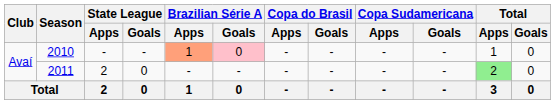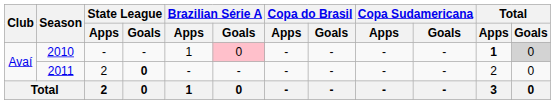 <table class="wikitable" style="text-align: center;">
 <tr>
 <th rowspan="2">Club</th>
 <th rowspan="2">Season</th>
 <th colspan="2">State League</th>
 <th colspan="2"><a href='#'>Brazilian Série A</a></th>
 <th colspan="2"><a href='#'>Copa do Brasil</a></th>
 <th colspan="2"><a href='#'>Copa Sudamericana</a></th>
 <th colspan="2">Total</th>
 </tr>
 <tr>
 <th>Apps</th>
 <th>Goals</th>
 <th>Apps</th>
 <th>Goals</th>
 <th>Apps</th>
 <th>Goals</th>
 <th>Apps</th>
 <th>Goals</th>
 <th>Apps</th>
 <th>Goals</th>
 </tr>
 <tr>
 <td rowspan="2" valign="center"><a href='#'>Avaí</a></td>
 <td><a href='#'>2010</a></td>
 <td>-</td>
 <td>-</td>
-<td style="background: lightsalmon;">1</td>
+<td>1</td>
 <td style="background: pink;">0</td>
 <td>-</td>
 <td>-</td>
 <td>-</td>
 <td>-</td>
-<td>1</td>
-<td>0</td>
+<td><strong>1</strong></td>
+<td style="background: lightgrey;">0</td>
 </tr>
 <tr>
 <td><a href='#'>2011</a></td>
 <td>2</td>
-<td>0</td>
+<td><strong>0</strong></td>
 <td>-</td>
 <td>-</td>
 <td>-</td>
 <td>-</td>
 <td>-</td>
 <td>-</td>
-<td style="background: lightgreen;">2</td>
+<td>2</td>
 <td>0</td>
 </tr>
 <tr>
 <th colspan="2"><strong>Total</strong></th>
 <th>2</th>
 <th>0</th>
 <th>1</th>
 <th>0</th>
 <th>-</th>
 <th>-</th>
 <th>-</th>
 <th>-</th>
 <th>3</th>
 <th>0</th>
 </tr>
 </table>
